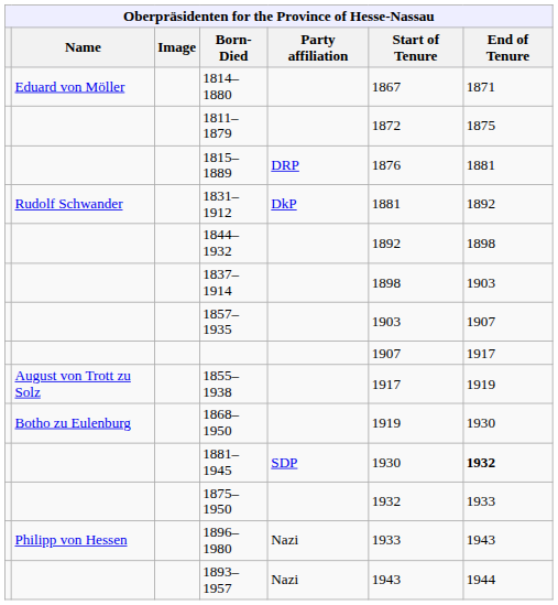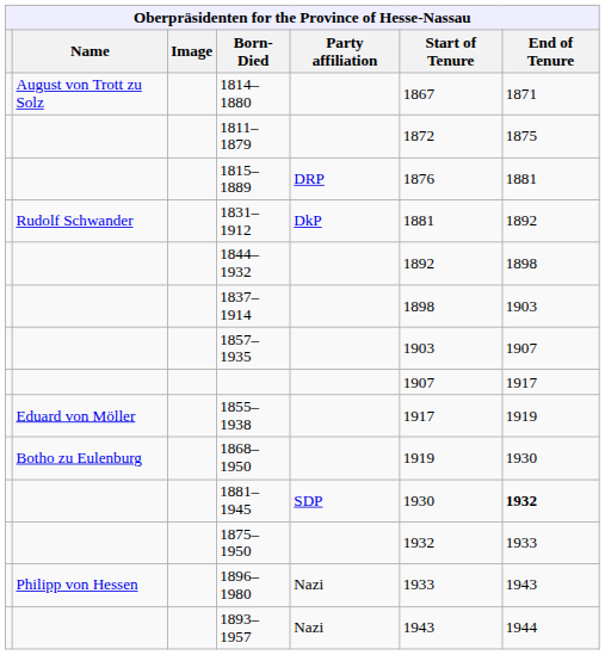 <table class="wikitable">
 <tr>
 <th colspan="8" style="background:#eef; text-align:center;">Oberpräsidenten for the Province of Hesse-Nassau</th>
 </tr>
 <tr style="background:#eef;">
 <th></th>
 <th>Name</th>
 <th>Image</th>
 <th>Born-Died</th>
 <th>Party affiliation</th>
 <th>Start of Tenure</th>
 <th>End of Tenure</th>
 </tr>
 <tr>
 <td></td>
-<td><a href='#'>Eduard von Möller</a></td>
+<td><a href='#'>August von Trott zu Solz</a></td>
 <td></td>
 <td>1814–1880</td>
 <td></td>
 <td>1867</td>
 <td>1871</td>
 </tr>
 <tr>
 <td></td>
 <td></td>
 <td></td>
 <td>1811–1879</td>
 <td></td>
 <td>1872</td>
 <td>1875</td>
 </tr>
 <tr>
 <td></td>
 <td></td>
 <td></td>
 <td>1815–1889</td>
 <td><a href='#'>DRP</a></td>
 <td>1876</td>
 <td>1881</td>
 </tr>
 <tr>
 <td></td>
 <td><a href='#'>Rudolf Schwander</a></td>
 <td></td>
 <td>1831–1912</td>
 <td><a href='#'>DkP</a></td>
 <td>1881</td>
 <td>1892</td>
 </tr>
 <tr>
 <td></td>
 <td></td>
 <td></td>
 <td>1844–1932</td>
 <td></td>
 <td>1892</td>
 <td>1898</td>
 </tr>
 <tr>
 <td></td>
 <td></td>
 <td></td>
 <td>1837–1914</td>
 <td></td>
 <td>1898</td>
 <td>1903</td>
 </tr>
 <tr>
 <td></td>
 <td></td>
 <td></td>
 <td>1857–1935</td>
 <td></td>
 <td>1903</td>
 <td>1907</td>
 </tr>
 <tr>
 <td></td>
 <td></td>
 <td></td>
 <td></td>
 <td></td>
 <td>1907</td>
 <td>1917</td>
 </tr>
 <tr>
 <td></td>
-<td><a href='#'>August von Trott zu Solz</a></td>
+<td><a href='#'>Eduard von Möller</a></td>
 <td></td>
 <td>1855–1938</td>
 <td></td>
 <td>1917</td>
 <td>1919</td>
 </tr>
 <tr>
 <td></td>
 <td><a href='#'>Botho zu Eulenburg</a></td>
 <td></td>
 <td>1868–1950</td>
 <td></td>
 <td>1919</td>
 <td>1930</td>
 </tr>
 <tr>
 <td></td>
 <td></td>
 <td></td>
 <td>1881–1945</td>
 <td><a href='#'>SDP</a></td>
 <td>1930</td>
 <td><strong>1932</strong></td>
 </tr>
 <tr>
 <td></td>
 <td></td>
 <td></td>
 <td>1875–1950</td>
 <td></td>
 <td>1932</td>
 <td>1933</td>
 </tr>
 <tr>
 <td></td>
 <td><a href='#'>Philipp von Hessen</a></td>
 <td></td>
 <td>1896–1980</td>
 <td>Nazi</td>
 <td>1933</td>
 <td>1943</td>
 </tr>
 <tr>
 <td></td>
 <td></td>
 <td></td>
 <td>1893–1957</td>
 <td>Nazi</td>
 <td>1943</td>
 <td>1944</td>
 </tr>
 </table>
